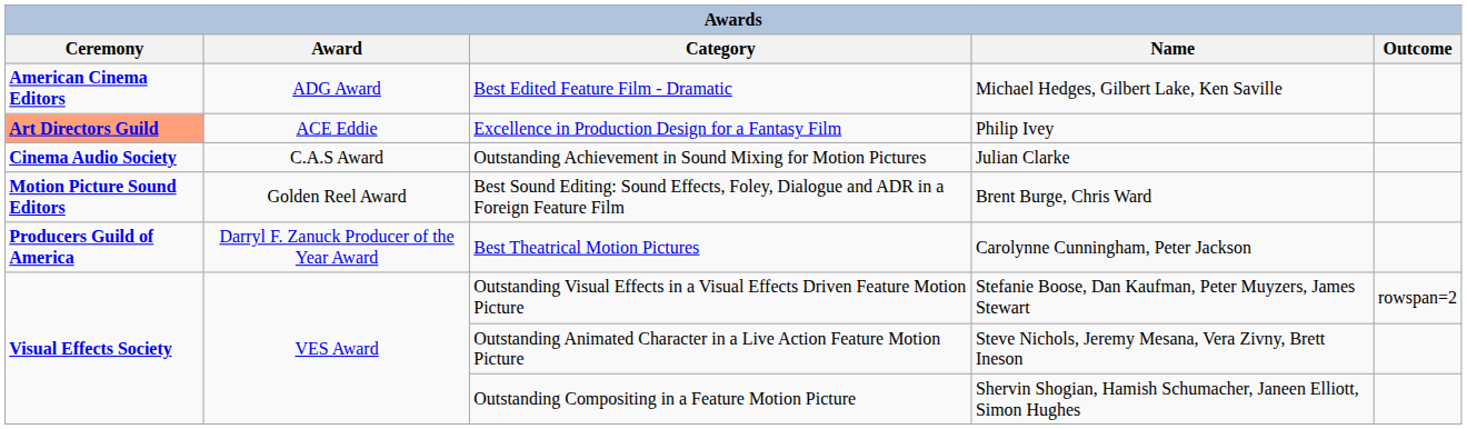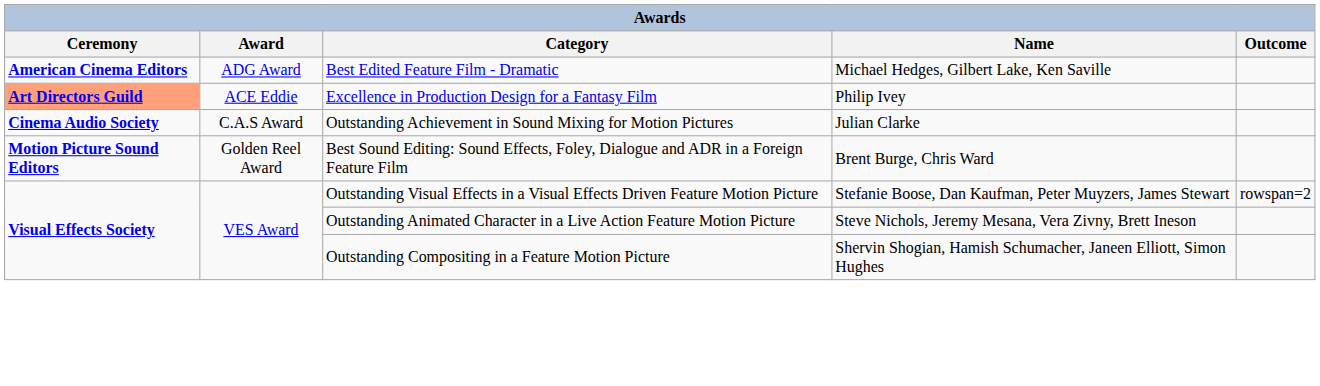 <table class="wikitable" style="font-size:95%">
 <tr style="background:#ccc; text-align:center;">
 <th colspan="5" style="background: LightSteelBlue;">Awards</th>
 </tr>
 <tr style="background:#ccc; text-align:center;">
 <th>Ceremony</th>
 <th>Award</th>
 <th>Category</th>
 <th>Name</th>
 <th>Outcome</th>
 </tr>
 <tr>
 <td><strong><a href='#'>American Cinema Editors</a></strong></td>
 <td style="text-align:center;"><a href='#'>ADG Award</a></td>
 <td><a href='#'>Best Edited Feature Film - Dramatic</a></td>
 <td>Michael Hedges, Gilbert Lake, Ken Saville</td>
 <td></td>
 </tr>
 <tr>
 <td style="background: lightsalmon;"><strong><a href='#'>Art Directors Guild</a></strong></td>
 <td style="text-align:center;"><a href='#'>ACE Eddie</a></td>
 <td><a href='#'>Excellence in Production Design for a Fantasy Film</a></td>
 <td>Philip Ivey</td>
 <td></td>
 </tr>
 <tr>
 <td><strong><a href='#'>Cinema Audio Society</a></strong></td>
 <td style="text-align:center;">C.A.S Award</td>
 <td>Outstanding Achievement in Sound Mixing for Motion Pictures</td>
 <td>Julian Clarke</td>
 <td></td>
 </tr>
 <tr>
 <td><strong><a href='#'>Motion Picture Sound Editors</a></strong></td>
 <td style="text-align:center;">Golden Reel Award</td>
 <td>Best Sound Editing: Sound Effects, Foley, Dialogue and ADR in a Foreign Feature Film</td>
 <td>Brent Burge, Chris Ward</td>
 <td></td>
 </tr>
 <tr>
-<td><strong><a href='#'>Producers Guild of America</a></strong></td>
-<td style="text-align:center;"><a href='#'>Darryl F. Zanuck Producer of the Year Award</a></td>
-<td><a href='#'>Best Theatrical Motion Pictures</a></td>
-<td>Carolynne Cunningham, Peter Jackson</td>
-<td></td>
-</tr>
-<tr>
 <td rowspan=3><strong><a href='#'>Visual Effects Society</a></strong></td>
 <td rowspan=3 style="text-align:center;"><a href='#'>VES Award</a></td>
 <td>Outstanding Visual Effects in a Visual Effects Driven Feature Motion Picture</td>
 <td>Stefanie Boose, Dan Kaufman, Peter Muyzers, James Stewart</td>
 <td>rowspan=2 </td>
 </tr>
 <tr>
 <td>Outstanding Animated Character in a Live Action Feature Motion Picture</td>
 <td>Steve Nichols, Jeremy Mesana, Vera Zivny, Brett Ineson</td>
 </tr>
 <tr>
 <td>Outstanding Compositing in a Feature Motion Picture</td>
 <td>Shervin Shogian, Hamish Schumacher, Janeen Elliott, Simon Hughes</td>
 <td></td>
 </tr>
 </table>
